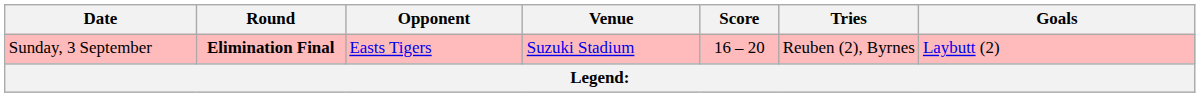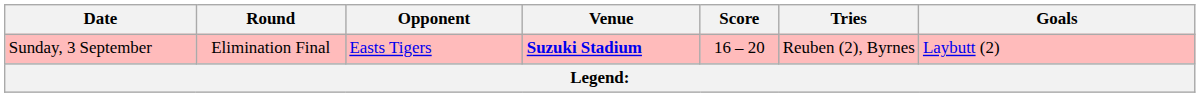 <table class="wikitable" style="font-size:75%;">
 <tr>
 <th style="width:130px;">Date</th>
 <th style="width:100px;">Round</th>
 <th style="width:120px;">Opponent</th>
 <th style="width:120px;">Venue</th>
 <th style="width:50px;">Score</th>
 <th style="width:500x;">Tries</th>
 <th style="width:190px;">Goals</th>
 </tr>
 <tr style="background:#fbb;">
 <td>Sunday, 3 September</td>
-<td style="text-align:center;"><strong>Elimination Final</strong></td>
+<td style="text-align:center;">Elimination Final</td>
 <td> <a href='#'>Easts Tigers</a></td>
-<td><a href='#'>Suzuki Stadium</a></td>
+<td><strong><a href='#'>Suzuki Stadium</a></strong></td>
 <td style="text-align:center;">16 – 20</td>
 <td>Reuben (2), Byrnes</td>
 <td><a href='#'>Laybutt</a> (2)</td>
 </tr>
 <tr>
 <th colspan="7"><strong>Legend</strong>:    </th>
 </tr>
 </table>
